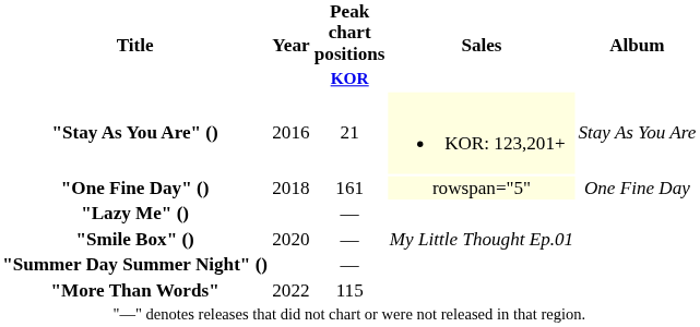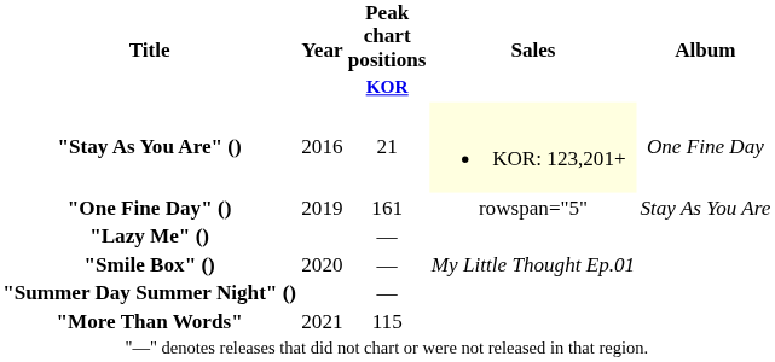 <table class="serviceGbn=wikitable plainrowheaders" style="text-align:center;">
 <tr>
 <th scope="col" scope="col" rowspan="2">Title</th>
 <th scope="col" scope="col" rowspan="2">Year</th>
 <th scope="col" scope="col" colspan="1">Peak chart positions</th>
 <th scope="col" scope="col" rowspan="2">Sales</th>
 <th scope="col" scope="col" rowspan="2">Album</th>
 </tr>
 <tr>
 <th scope="col" style="width:3em;font-size:90%;"><a href='#'>KOR</a><br></th>
 </tr>
 <tr>
 <th scope=row>"Stay As You Are" ()</th>
 <td>2016</td>
 <td>21</td>
 <td style="background: lightyellow;"><br><ul><li>KOR: 123,201+</li></ul></td>
-<td><em>Stay As You Are</em></td>
+<td><em>One Fine Day</em></td>
 </tr>
 <tr>
 <th scope=row>"One Fine Day" ()</th>
-<td>2018</td>
+<td>2019</td>
 <td>161</td>
-<td style="background: lightyellow;">rowspan="5" </td>
-<td><em>One Fine Day</em></td>
+<td>rowspan="5" </td>
+<td><em>Stay As You Are</em></td>
 </tr>
 <tr>
 <th scope=row>"Lazy Me" ()</th>
 <td rowspan="3">2020</td>
 <td>—</td>
 <td rowspan="3"><em>My Little Thought Ep.01</em></td>
 </tr>
 <tr>
 <th scope=row>"Smile Box" ()</th>
 <td>—</td>
 </tr>
 <tr>
 <th scope=row>"Summer Day Summer Night" ()</th>
 <td>—</td>
 </tr>
 <tr>
 <th scope=row>"More Than Words"</th>
-<td>2022</td>
+<td>2021</td>
 <td>115</td>
 <td></td>
 </tr>
 <tr>
 <td colspan="6" style="font-size:85%">"—" denotes releases that did not chart or were not released in that region.</td>
 </tr>
 </table>
